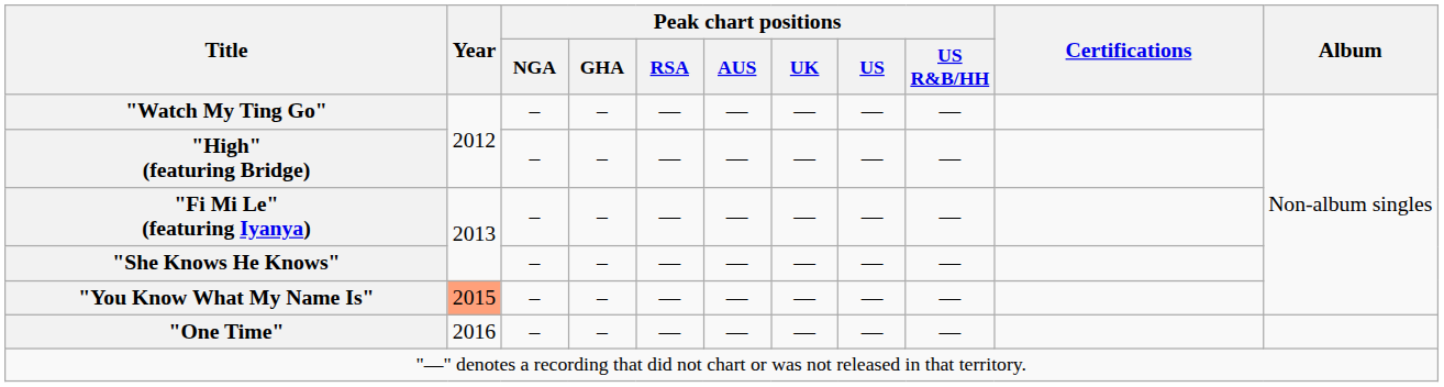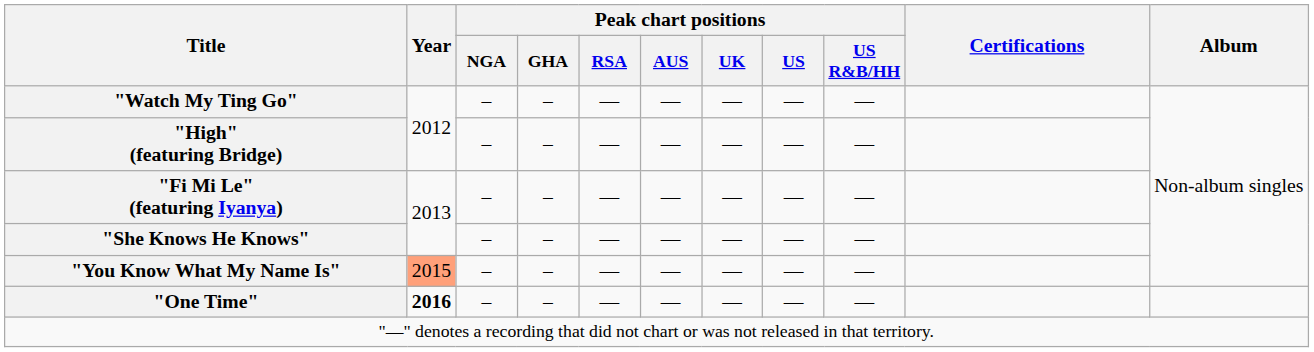 <table class="wikitable plainrowheaders" style="text-align:center;">
 <tr>
 <th scope="col" rowspan="2" style="width:20em;">Title</th>
 <th scope="col" rowspan="2">Year</th>
 <th scope="col" colspan="7">Peak chart positions</th>
 <th scope="col" rowspan="2" style="width:12em;"><a href='#'>Certifications</a></th>
 <th scope="col" rowspan="2">Album</th>
 </tr>
 <tr>
 <th scope="col" style="width:3em;font-size:90%;">NGA</th>
 <th scope="col" style="width:3em;font-size:90%;">GHA</th>
 <th scope="col" style="width:3em;font-size:90%;"><a href='#'>RSA</a></th>
 <th scope="col" style="width:3em;font-size:90%;"><a href='#'>AUS</a></th>
 <th scope="col" style="width:3em;font-size:90%;"><a href='#'>UK</a></th>
 <th scope="col" style="width:3em;font-size:90%;"><a href='#'>US</a></th>
 <th scope="col" style="width:3em;font-size:90%;"><a href='#'>US<br>R&B/HH</a></th>
 </tr>
 <tr>
 <th scope="row">"Watch My Ting Go"</th>
 <td rowspan="2">2012</td>
 <td>–</td>
 <td>–</td>
 <td>—</td>
 <td>—</td>
 <td>—</td>
 <td>—</td>
 <td>—</td>
 <td></td>
 <td rowspan="5">Non-album singles</td>
 </tr>
 <tr>
 <th scope="row">"High"<br><span>(featuring Bridge)</span></th>
 <td>–</td>
 <td>–</td>
 <td>—</td>
 <td>—</td>
 <td>—</td>
 <td>—</td>
 <td>—</td>
 <td></td>
 </tr>
 <tr>
 <th scope="row">"Fi Mi Le"<br><span>(featuring <a href='#'>Iyanya</a>)</span></th>
 <td rowspan="2">2013</td>
 <td>–</td>
 <td>–</td>
 <td>—</td>
 <td>—</td>
 <td>—</td>
 <td>—</td>
 <td>—</td>
 <td></td>
 </tr>
 <tr>
 <th scope="row">"She Knows He Knows"</th>
 <td>–</td>
 <td>–</td>
 <td>—</td>
 <td>—</td>
 <td>—</td>
 <td>—</td>
 <td>—</td>
 <td></td>
 </tr>
 <tr>
 <th scope="row">"You Know What My Name Is"</th>
 <td style="background: lightsalmon;">2015</td>
 <td>–</td>
 <td>–</td>
 <td>—</td>
 <td>—</td>
 <td>—</td>
 <td>—</td>
 <td>—</td>
 <td></td>
 </tr>
 <tr>
 <th scope="row">"One Time"</th>
-<td>2016</td>
+<td><strong>2016</strong></td>
 <td>–</td>
 <td>–</td>
 <td>—</td>
 <td>—</td>
 <td>—</td>
 <td>—</td>
 <td>—</td>
 <td></td>
 </tr>
 <tr>
 <td colspan="14" style="font-size:90%">"—" denotes a recording that did not chart or was not released in that territory.</td>
 </tr>
 </table>
